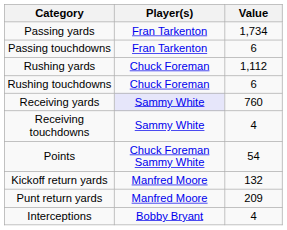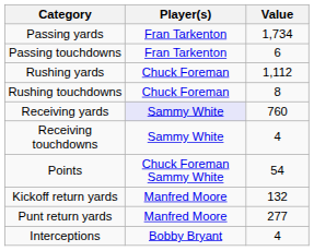 <table class="wikitable" style="text-align:center">
 <tr>
 <th width=150px>Category</th>
 <th width=150px>Player(s)</th>
 <th width=75px>Value</th>
 </tr>
 <tr>
 <td>Passing yards</td>
 <td><a href='#'>Fran Tarkenton</a></td>
 <td>1,734</td>
 </tr>
 <tr>
 <td>Passing touchdowns</td>
 <td><a href='#'>Fran Tarkenton</a></td>
 <td>6</td>
 </tr>
 <tr>
 <td>Rushing yards</td>
 <td><a href='#'>Chuck Foreman</a></td>
 <td>1,112</td>
 </tr>
 <tr>
 <td>Rushing touchdowns</td>
 <td><a href='#'>Chuck Foreman</a></td>
-<td>6</td>
+<td>8</td>
 </tr>
 <tr>
 <td>Receiving yards</td>
 <td style="background: lavender;"><a href='#'>Sammy White</a></td>
 <td>760</td>
 </tr>
 <tr>
 <td>Receiving touchdowns</td>
 <td><a href='#'>Sammy White</a></td>
 <td>4</td>
 </tr>
 <tr>
 <td>Points</td>
 <td><a href='#'>Chuck Foreman</a> <br> <a href='#'>Sammy White</a></td>
 <td>54</td>
 </tr>
 <tr>
 <td>Kickoff return yards</td>
 <td><a href='#'>Manfred Moore</a></td>
 <td>132</td>
 </tr>
 <tr>
 <td>Punt return yards</td>
 <td><a href='#'>Manfred Moore</a></td>
-<td>209</td>
+<td>277</td>
 </tr>
 <tr>
 <td>Interceptions</td>
 <td><a href='#'>Bobby Bryant</a></td>
 <td>4</td>
 </tr>
 </table>
